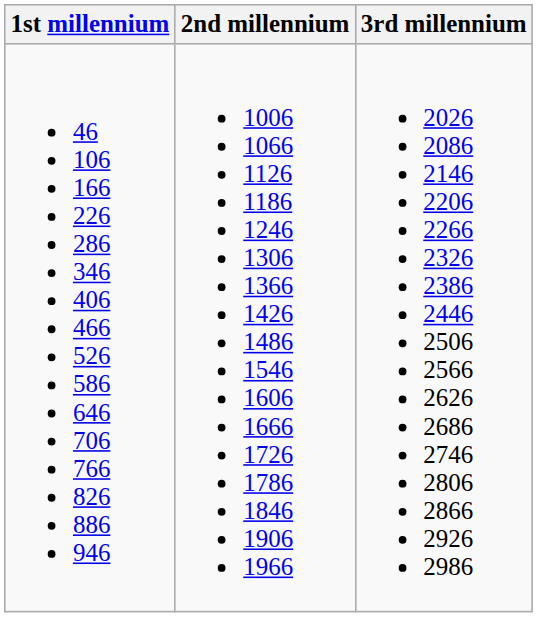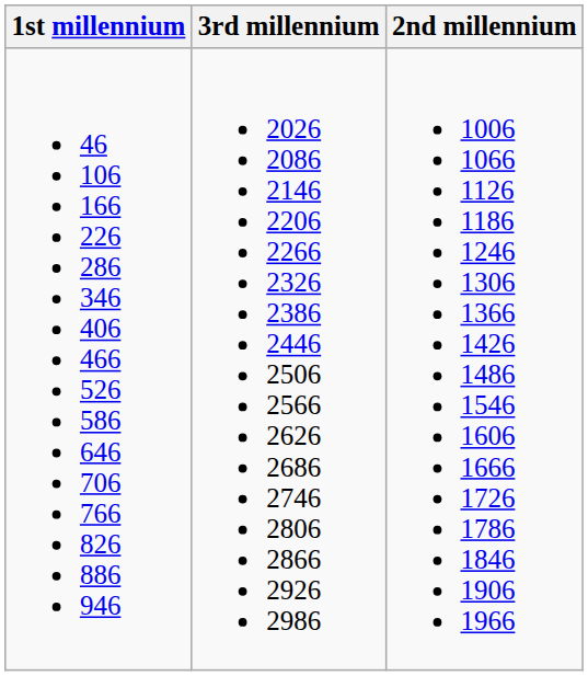 <table class="wikitable">
 <tr>
 <th>1st <a href='#'>millennium</a></th>
+<th>3rd millennium</th>
 <th>2nd millennium</th>
-<th>3rd millennium</th>
 </tr>
 <tr>
 <td><br><ul><li><a href='#'>46</a></li><li><a href='#'>106</a></li><li><a href='#'>166</a></li><li><a href='#'>226</a></li><li><a href='#'>286</a></li><li><a href='#'>346</a></li><li><a href='#'>406</a></li><li><a href='#'>466</a></li><li><a href='#'>526</a></li><li><a href='#'>586</a></li><li><a href='#'>646</a></li><li><a href='#'>706</a></li><li><a href='#'>766</a></li><li><a href='#'>826</a></li><li><a href='#'>886</a></li><li><a href='#'>946</a></li></ul></td>
+<td><br><ul><li><a href='#'>2026</a></li><li><a href='#'>2086</a></li><li><a href='#'>2146</a></li><li><a href='#'>2206</a></li><li><a href='#'>2266</a></li><li><a href='#'>2326</a></li><li><a href='#'>2386</a></li><li><a href='#'>2446</a></li><li>2506</li><li>2566</li><li>2626</li><li>2686</li><li>2746</li><li>2806</li><li>2866</li><li>2926</li><li>2986</li></ul></td>
 <td><br><ul><li><a href='#'>1006</a></li><li><a href='#'>1066</a></li><li><a href='#'>1126</a></li><li><a href='#'>1186</a></li><li><a href='#'>1246</a></li><li><a href='#'>1306</a></li><li><a href='#'>1366</a></li><li><a href='#'>1426</a></li><li><a href='#'>1486</a></li><li><a href='#'>1546</a></li><li><a href='#'>1606</a></li><li><a href='#'>1666</a></li><li><a href='#'>1726</a></li><li><a href='#'>1786</a></li><li><a href='#'>1846</a></li><li><a href='#'>1906</a></li><li><a href='#'>1966</a></li></ul></td>
-<td><br><ul><li><a href='#'>2026</a></li><li><a href='#'>2086</a></li><li><a href='#'>2146</a></li><li><a href='#'>2206</a></li><li><a href='#'>2266</a></li><li><a href='#'>2326</a></li><li><a href='#'>2386</a></li><li><a href='#'>2446</a></li><li>2506</li><li>2566</li><li>2626</li><li>2686</li><li>2746</li><li>2806</li><li>2866</li><li>2926</li><li>2986</li></ul></td>
 </tr>
 </table>
